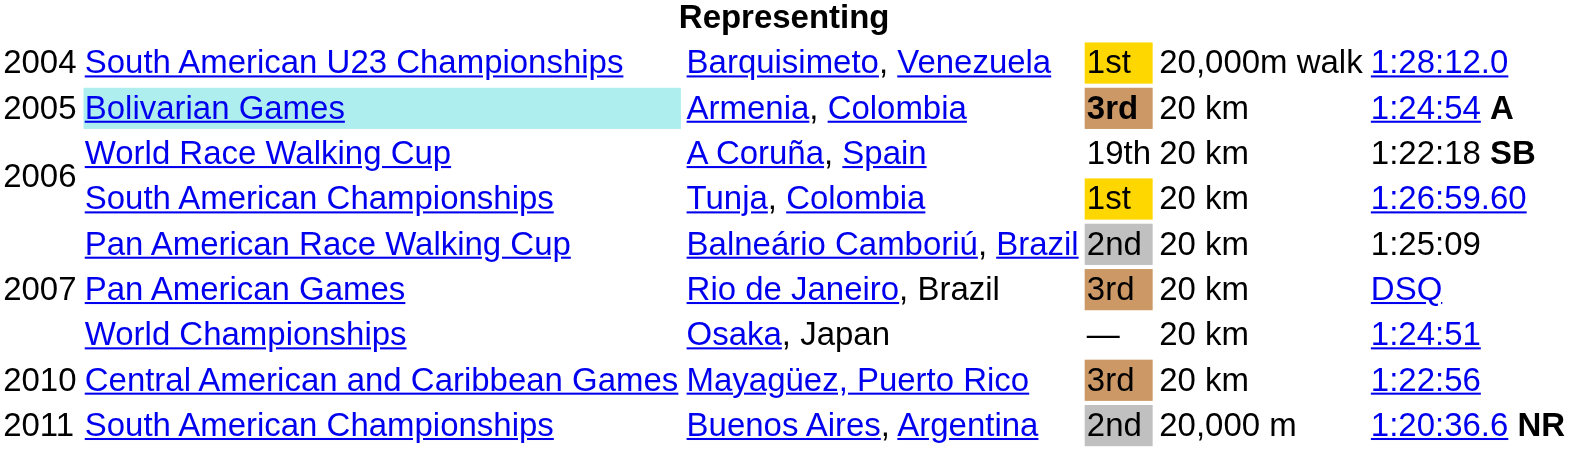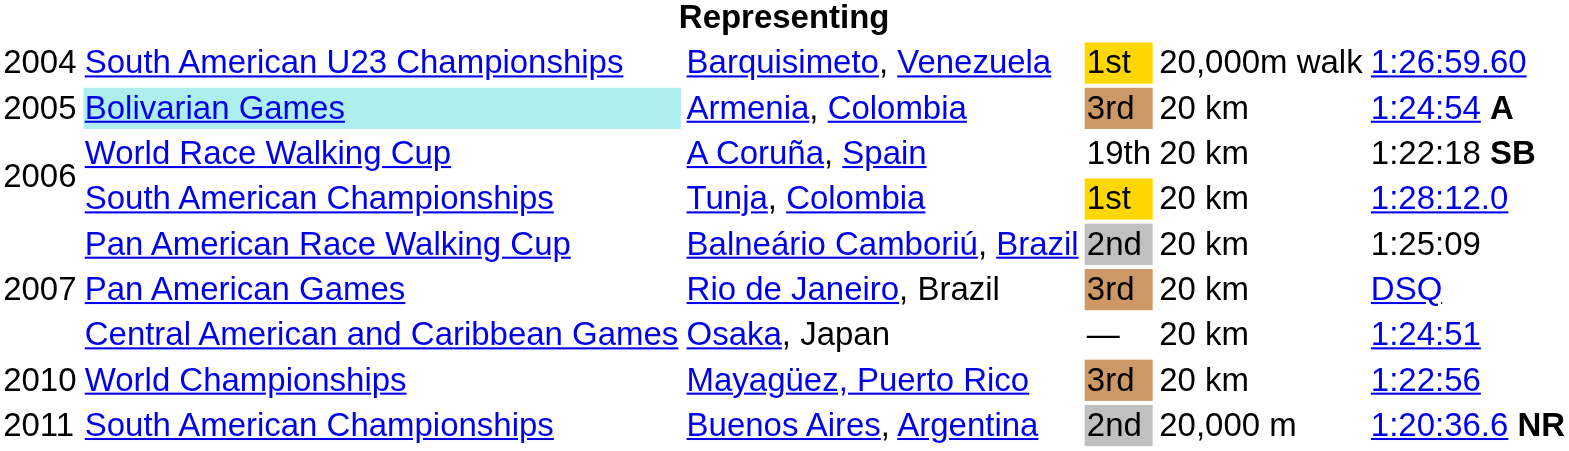 <table>
 <tr>
 <th colspan="6">Representing </th>
 </tr>
 <tr>
 <td>2004</td>
 <td><a href='#'>South American U23 Championships</a></td>
 <td><a href='#'>Barquisimeto</a>, <a href='#'>Venezuela</a></td>
 <td bgcolor=gold>1st</td>
 <td>20,000m walk</td>
-<td><a href='#'>1:28:12.0</a></td>
+<td><a href='#'>1:26:59.60</a></td>
 </tr>
 <tr>
 <td>2005</td>
 <td style="background: paleturquoise;"><a href='#'>Bolivarian Games</a></td>
 <td><a href='#'>Armenia</a>, <a href='#'>Colombia</a></td>
-<td bgcolor=cc9966><strong>3rd</strong></td>
+<td bgcolor=cc9966>3rd</td>
 <td>20 km</td>
 <td><a href='#'>1:24:54</a> <strong>A</strong></td>
 </tr>
 <tr>
 <td rowspan=2>2006</td>
 <td><a href='#'>World Race Walking Cup</a></td>
 <td><a href='#'>A Coruña</a>, <a href='#'>Spain</a></td>
 <td>19th</td>
 <td>20 km</td>
 <td>1:22:18 <strong>SB</strong></td>
 </tr>
 <tr>
 <td><a href='#'>South American Championships</a></td>
 <td><a href='#'>Tunja</a>, <a href='#'>Colombia</a></td>
 <td bgcolor="gold">1st</td>
 <td>20 km</td>
-<td><a href='#'>1:26:59.60</a></td>
+<td><a href='#'>1:28:12.0</a></td>
 </tr>
 <tr>
 <td rowspan=3>2007</td>
 <td><a href='#'>Pan American Race Walking Cup</a></td>
 <td><a href='#'>Balneário Camboriú</a>, <a href='#'>Brazil</a></td>
 <td bgcolor="silver">2nd</td>
 <td>20 km</td>
 <td>1:25:09</td>
 </tr>
 <tr>
 <td><a href='#'>Pan American Games</a></td>
 <td><a href='#'>Rio de Janeiro</a>, Brazil</td>
 <td bgcolor="cc9966">3rd</td>
 <td>20 km</td>
 <td><a href='#'>DSQ</a></td>
 </tr>
 <tr>
-<td><a href='#'>World Championships</a></td>
+<td><a href='#'>Central American and Caribbean Games</a></td>
 <td><a href='#'>Osaka</a>, Japan</td>
 <td>—</td>
 <td>20 km</td>
 <td><a href='#'>1:24:51</a></td>
 </tr>
 <tr>
 <td>2010</td>
-<td><a href='#'>Central American and Caribbean Games</a></td>
+<td><a href='#'>World Championships</a></td>
 <td><a href='#'>Mayagüez, Puerto Rico</a></td>
 <td bgcolor="cc9966">3rd</td>
 <td>20 km</td>
 <td><a href='#'>1:22:56</a></td>
 </tr>
 <tr>
 <td>2011</td>
 <td><a href='#'>South American Championships</a></td>
 <td><a href='#'>Buenos Aires</a>, <a href='#'>Argentina</a></td>
 <td bgcolor="silver">2nd</td>
 <td>20,000 m</td>
 <td><a href='#'>1:20:36.6</a> <strong>NR</strong></td>
 </tr>
 </table>
